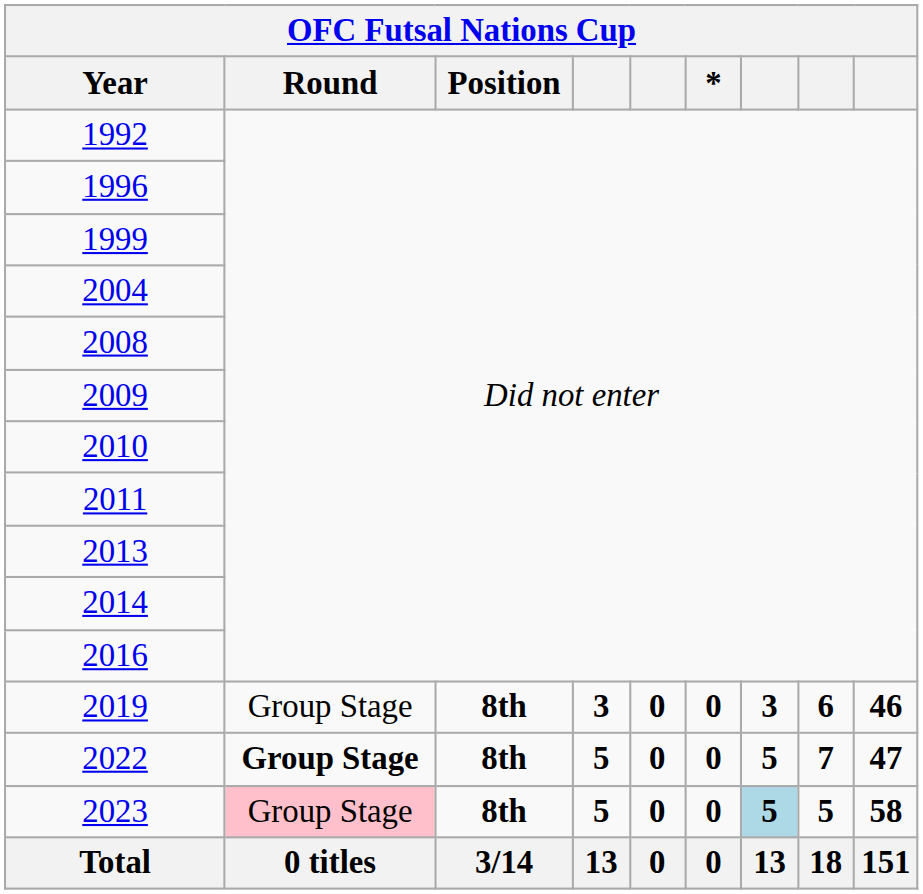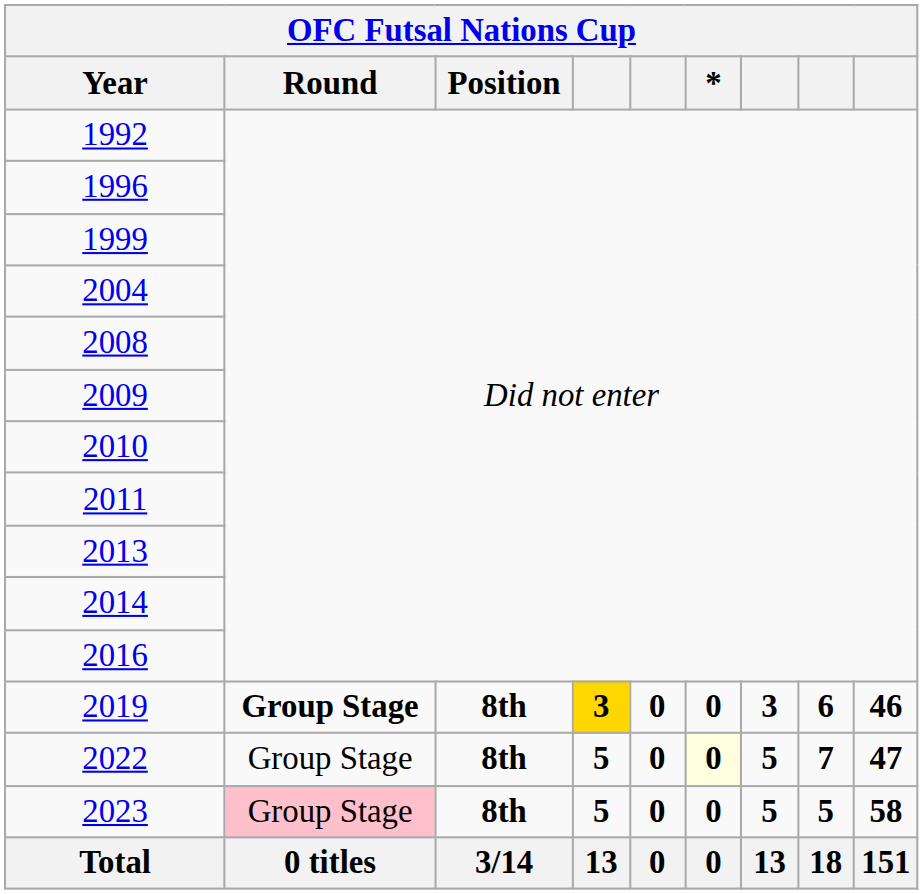 <table class="wikitable" style="text-align: center;">
 <tr>
 <th colspan=9><a href='#'>OFC Futsal Nations Cup</a></th>
 </tr>
 <tr>
 <th width=100>Year</th>
 <th width=95>Round</th>
 <th width=60>Position</th>
 <th width=20></th>
 <th width=20></th>
 <th width=20>*</th>
 <th width=20></th>
 <th width=20></th>
 <th width=20></th>
 </tr>
 <tr>
 <td> <a href='#'>1992</a></td>
 <td rowspan=11; colspan=8><em>Did not enter</em></td>
 </tr>
 <tr>
 <td> <a href='#'>1996</a></td>
 </tr>
 <tr>
 <td> <a href='#'>1999</a></td>
 </tr>
 <tr>
 <td> <a href='#'>2004</a></td>
 </tr>
 <tr>
 <td> <a href='#'>2008</a></td>
 </tr>
 <tr>
 <td> <a href='#'>2009</a></td>
 </tr>
 <tr>
 <td> <a href='#'>2010</a></td>
 </tr>
 <tr>
 <td> <a href='#'>2011</a></td>
 </tr>
 <tr>
 <td> <a href='#'>2013</a></td>
 </tr>
 <tr>
 <td> <a href='#'>2014</a></td>
 </tr>
 <tr>
 <td> <a href='#'>2016</a></td>
 </tr>
 <tr>
 <td> <a href='#'>2019</a></td>
-<td>Group Stage</td>
+<td><strong>Group Stage</strong></td>
 <td><strong>8th</strong></td>
-<td><strong>3</strong></td>
+<td style="background: gold;"><strong>3</strong></td>
 <td><strong>0</strong></td>
 <td><strong>0</strong></td>
 <td><strong>3</strong></td>
 <td><strong>6</strong></td>
 <td><strong>46</strong></td>
 </tr>
 <tr>
 <td> <a href='#'>2022</a></td>
-<td><strong>Group Stage</strong></td>
+<td>Group Stage</td>
 <td><strong>8th</strong></td>
 <td><strong>5</strong></td>
 <td><strong>0</strong></td>
-<td><strong>0</strong></td>
+<td style="background: lightyellow;"><strong>0</strong></td>
 <td><strong>5</strong></td>
 <td><strong>7</strong></td>
 <td><strong>47</strong></td>
 </tr>
 <tr>
 <td> <a href='#'>2023</a></td>
 <td style="background: pink;">Group Stage</td>
 <td><strong>8th</strong></td>
 <td><strong>5</strong></td>
 <td><strong>0</strong></td>
 <td><strong>0</strong></td>
-<td style="background: lightblue;"><strong>5</strong></td>
+<td><strong>5</strong></td>
 <td><strong>5</strong></td>
 <td><strong>58</strong></td>
 </tr>
 <tr>
 <th>Total</th>
 <th>0 titles</th>
 <th>3/14</th>
 <th>13</th>
 <th>0</th>
 <th>0</th>
 <th>13</th>
 <th>18</th>
 <th>151</th>
 </tr>
 </table>
